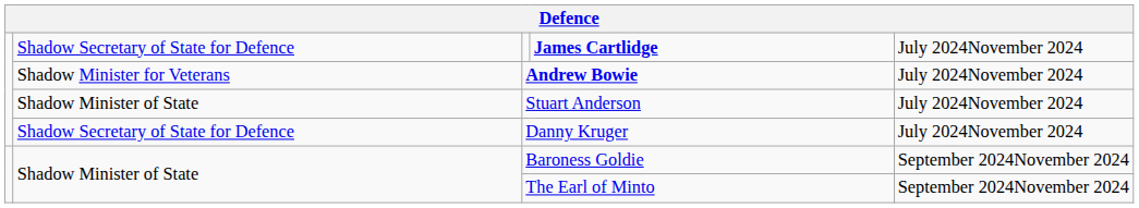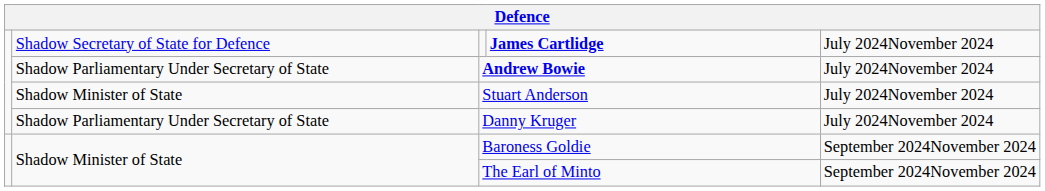 <table class="wikitable">
 <tr>
 <th colspan="5"><a href='#'>Defence</a></th>
 </tr>
 <tr>
 <td rowspan="4" style="background: "></td>
 <td style="width: 450px;"><a href='#'>Shadow Secretary of State for Defence</a></td>
 <td style="background: "></td>
 <td style="width: 320px;"><strong><a href='#'>James Cartlidge</a></strong></td>
 <td>July 2024November 2024</td>
 </tr>
 <tr>
-<td>Shadow <a href='#'>Minister for Veterans</a></td>
+<td>Shadow Parliamentary Under Secretary of State</td>
 <td colspan="2"><strong><a href='#'>Andrew Bowie</a></strong><br></td>
 <td>July 2024November 2024</td>
 </tr>
 <tr>
 <td>Shadow Minister of State</td>
 <td colspan="2"><a href='#'>Stuart Anderson</a><br></td>
 <td>July 2024November 2024</td>
 </tr>
 <tr>
-<td style="width: 450px;"><a href='#'>Shadow Secretary of State for Defence</a></td>
+<td>Shadow Parliamentary Under Secretary of State</td>
 <td colspan="2"><a href='#'>Danny Kruger</a></td>
 <td>July 2024November 2024</td>
 </tr>
 <tr>
 <td rowspan=2 style="background: "></td>
 <td rowspan=2>Shadow Minister of State</td>
 <td colspan="2"><a href='#'>Baroness Goldie</a></td>
 <td>September 2024November 2024</td>
 </tr>
 <tr>
 <td colspan="2"><a href='#'>The Earl of Minto</a></td>
 <td>September 2024November 2024</td>
 </tr>
 </table>
